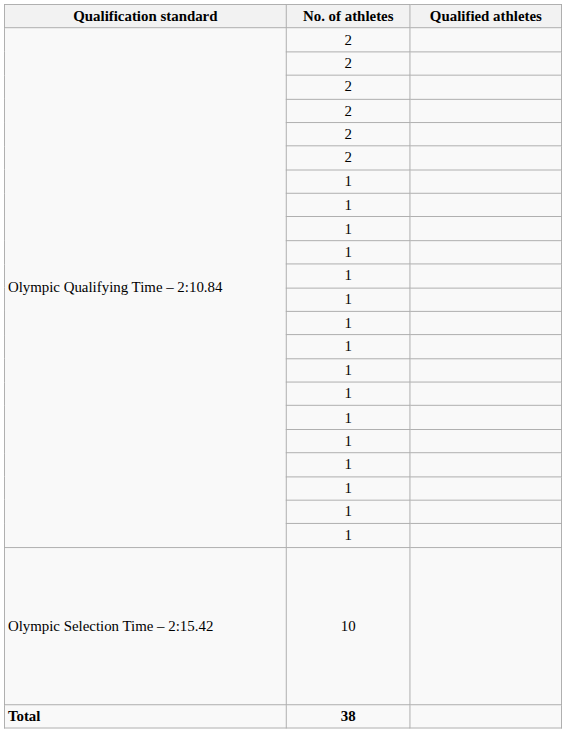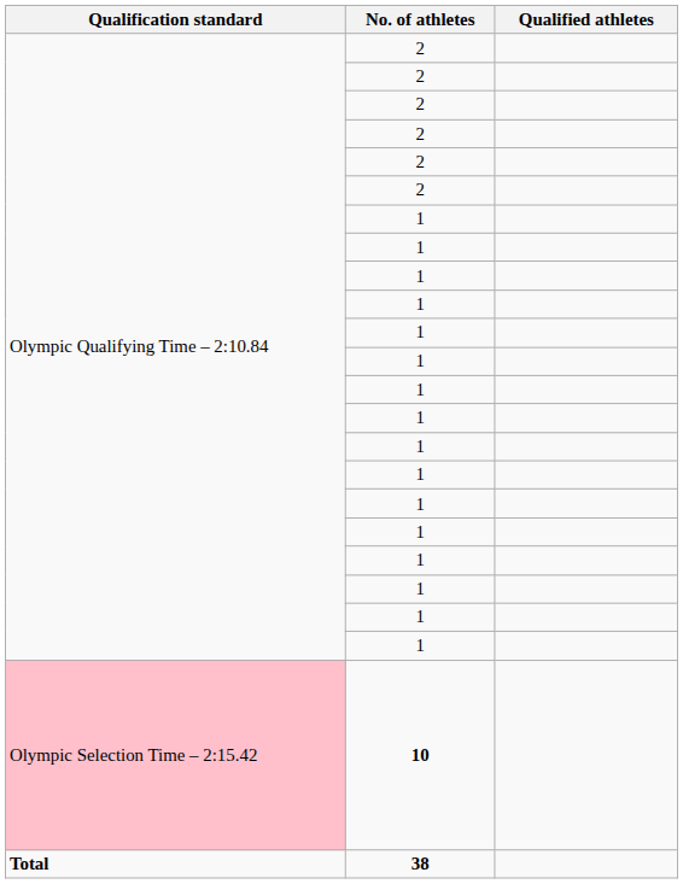 <table class=wikitable style="text-align:left" width=600>
 <tr>
 <th>Qualification standard</th>
 <th>No. of athletes</th>
 <th>Qualified athletes</th>
 </tr>
 <tr>
 <td rowspan="22">Olympic Qualifying Time – 2:10.84</td>
 <td align=center>2</td>
 <td><br></td>
 </tr>
 <tr>
 <td align=center>2</td>
 <td><br></td>
 </tr>
 <tr>
 <td align=center>2</td>
 <td><br></td>
 </tr>
 <tr>
 <td align=center>2</td>
 <td><br></td>
 </tr>
 <tr>
 <td align=center>2</td>
 <td><br></td>
 </tr>
 <tr>
 <td align=center>2</td>
 <td><br></td>
 </tr>
 <tr>
 <td align=center>1</td>
 <td></td>
 </tr>
 <tr>
 <td align=center>1</td>
 <td></td>
 </tr>
 <tr>
 <td align=center>1</td>
 <td></td>
 </tr>
 <tr>
 <td align=center>1</td>
 <td></td>
 </tr>
 <tr>
 <td align=center>1</td>
 <td></td>
 </tr>
 <tr>
 <td align=center>1</td>
 <td></td>
 </tr>
 <tr>
 <td align=center>1</td>
 <td></td>
 </tr>
 <tr>
 <td align=center>1</td>
 <td></td>
 </tr>
 <tr>
 <td align=center>1</td>
 <td></td>
 </tr>
 <tr>
 <td align=center>1</td>
 <td></td>
 </tr>
 <tr>
 <td align=center>1</td>
 <td></td>
 </tr>
 <tr>
 <td align=center>1</td>
 <td></td>
 </tr>
 <tr>
 <td align=center>1</td>
 <td></td>
 </tr>
 <tr>
 <td align=center>1</td>
 <td></td>
 </tr>
 <tr>
 <td align=center>1</td>
 <td></td>
 </tr>
 <tr>
 <td align=center>1</td>
 <td></td>
 </tr>
 <tr>
-<td rowspan="1">Olympic Selection Time – 2:15.42</td>
-<td align=center>10</td>
+<td rowspan="1" style="background: pink;">Olympic Selection Time – 2:15.42</td>
+<td align=center><strong>10</strong></td>
 <td><br><br>  <br>   <br>  <br>  <br>  <br>  <br> <br></td>
 </tr>
 <tr>
 <td><strong>Total</strong></td>
 <td align=center><strong>38</strong></td>
 <td></td>
 </tr>
 </table>
